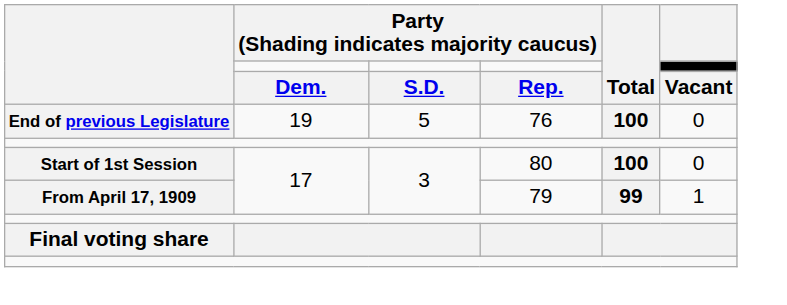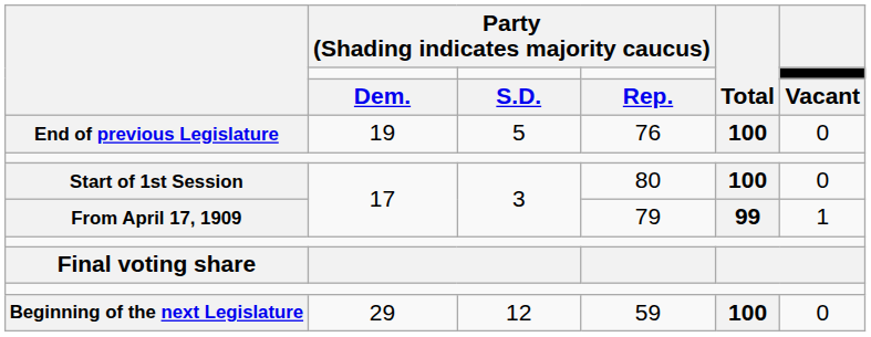 <table class=wikitable style="text-align:center">
 <tr style="vertical-align:bottom;">
 <th rowspan=3></th>
 <th colspan=3>Party <div>(Shading indicates majority caucus)</div></th>
 <th rowspan=3>Total</th>
 <th></th>
 </tr>
 <tr style="height:5px">
 <td style="background-color:"></td>
 <td style="background-color:"></td>
 <td style="background-color:"></td>
 <td style="background:black;"></td>
 </tr>
 <tr>
 <th><a href='#'>Dem.</a></th>
 <th><a href='#'>S.D.</a></th>
 <th><a href='#'>Rep.</a></th>
 <th>Vacant</th>
 </tr>
 <tr>
 <th style="font-size:80%;">End of <a href='#'>previous Legislature</a></th>
 <td>19</td>
 <td>5</td>
 <td>76</td>
 <th>100</th>
 <td>0</td>
 </tr>
 <tr>
 <td colspan=6></td>
 </tr>
 <tr>
 <th style="font-size:80%;">Start of 1st Session</th>
 <td rowspan="2">17</td>
 <td rowspan="2">3</td>
 <td>80</td>
 <th>100</th>
 <td>0</td>
 </tr>
 <tr>
 <th style="font-size:80%;">From April 17, 1909</th>
 <td>79</td>
 <th>99</th>
 <td>1</td>
 </tr>
 <tr>
 <td colspan=6></td>
 </tr>
 <tr>
 <th>Final voting share</th>
 <th colspan=2></th>
 <th></th>
 <th colspan=2></th>
 </tr>
 <tr>
 <td colspan=6></td>
 </tr>
+<tr>
+<th style="font-size:80%;">Beginning of the <a href='#'>next Legislature</a></th>
+<td>29</td>
+<td>12</td>
+<td>59</td>
+<th>100</th>
+<td>0</td>
+</tr>
 </table>
